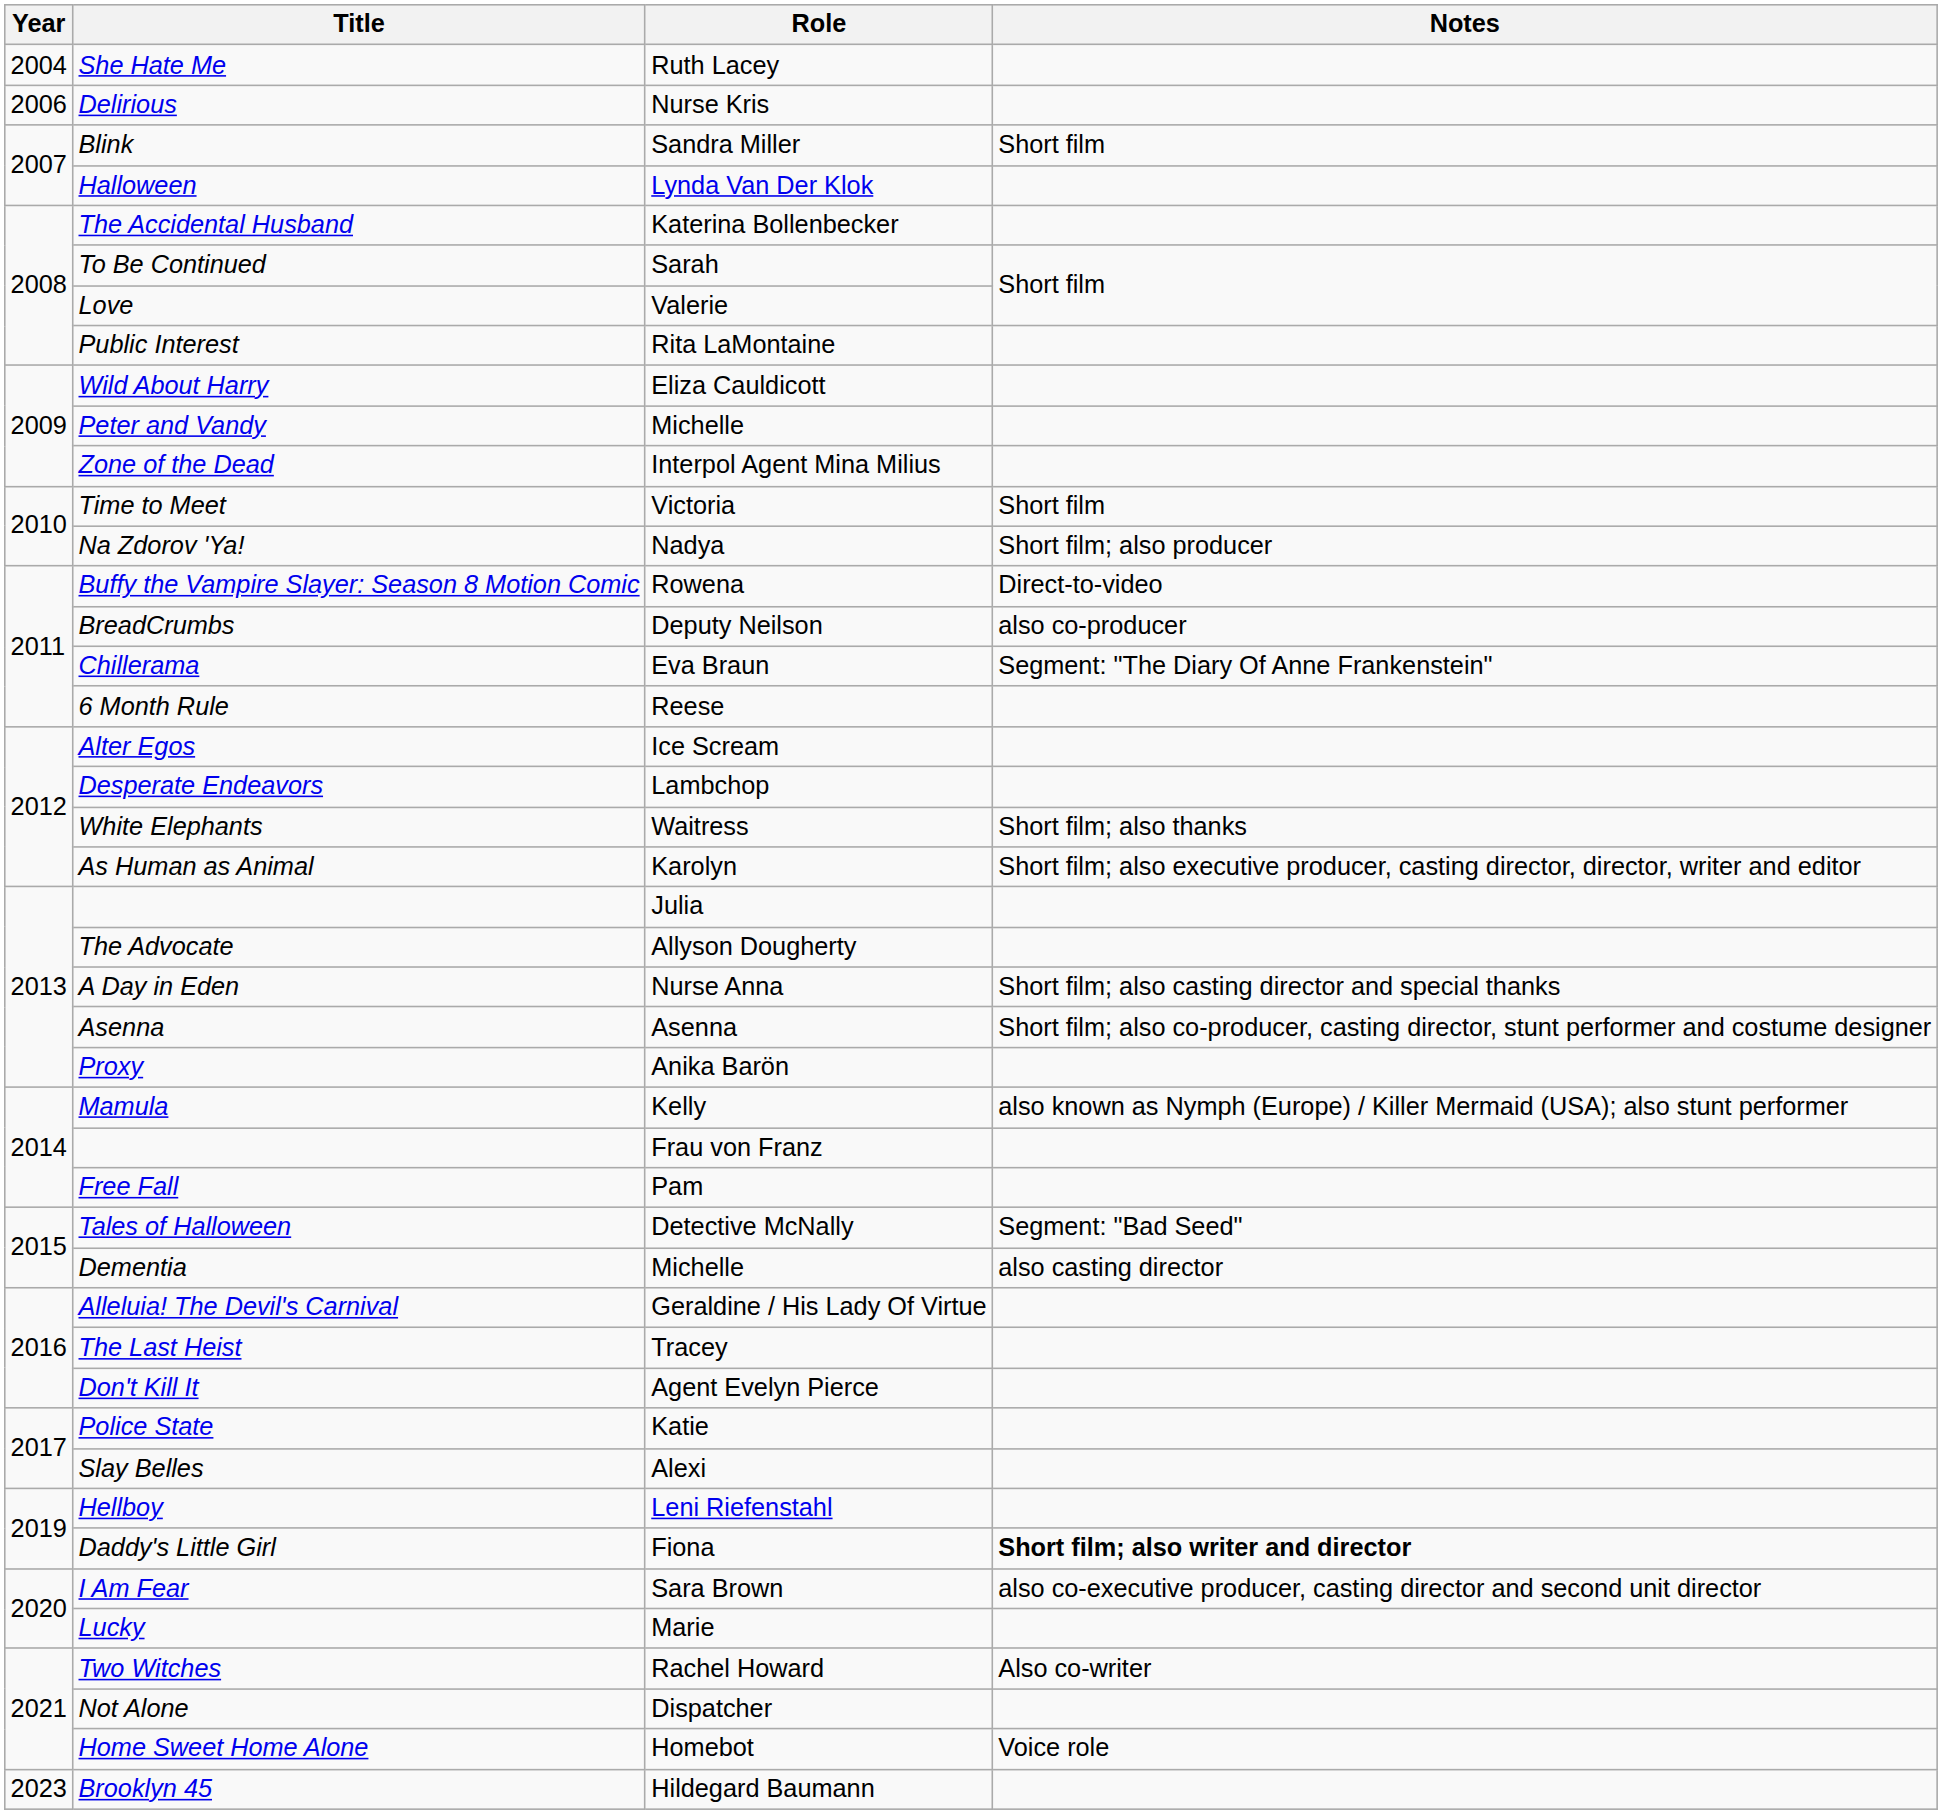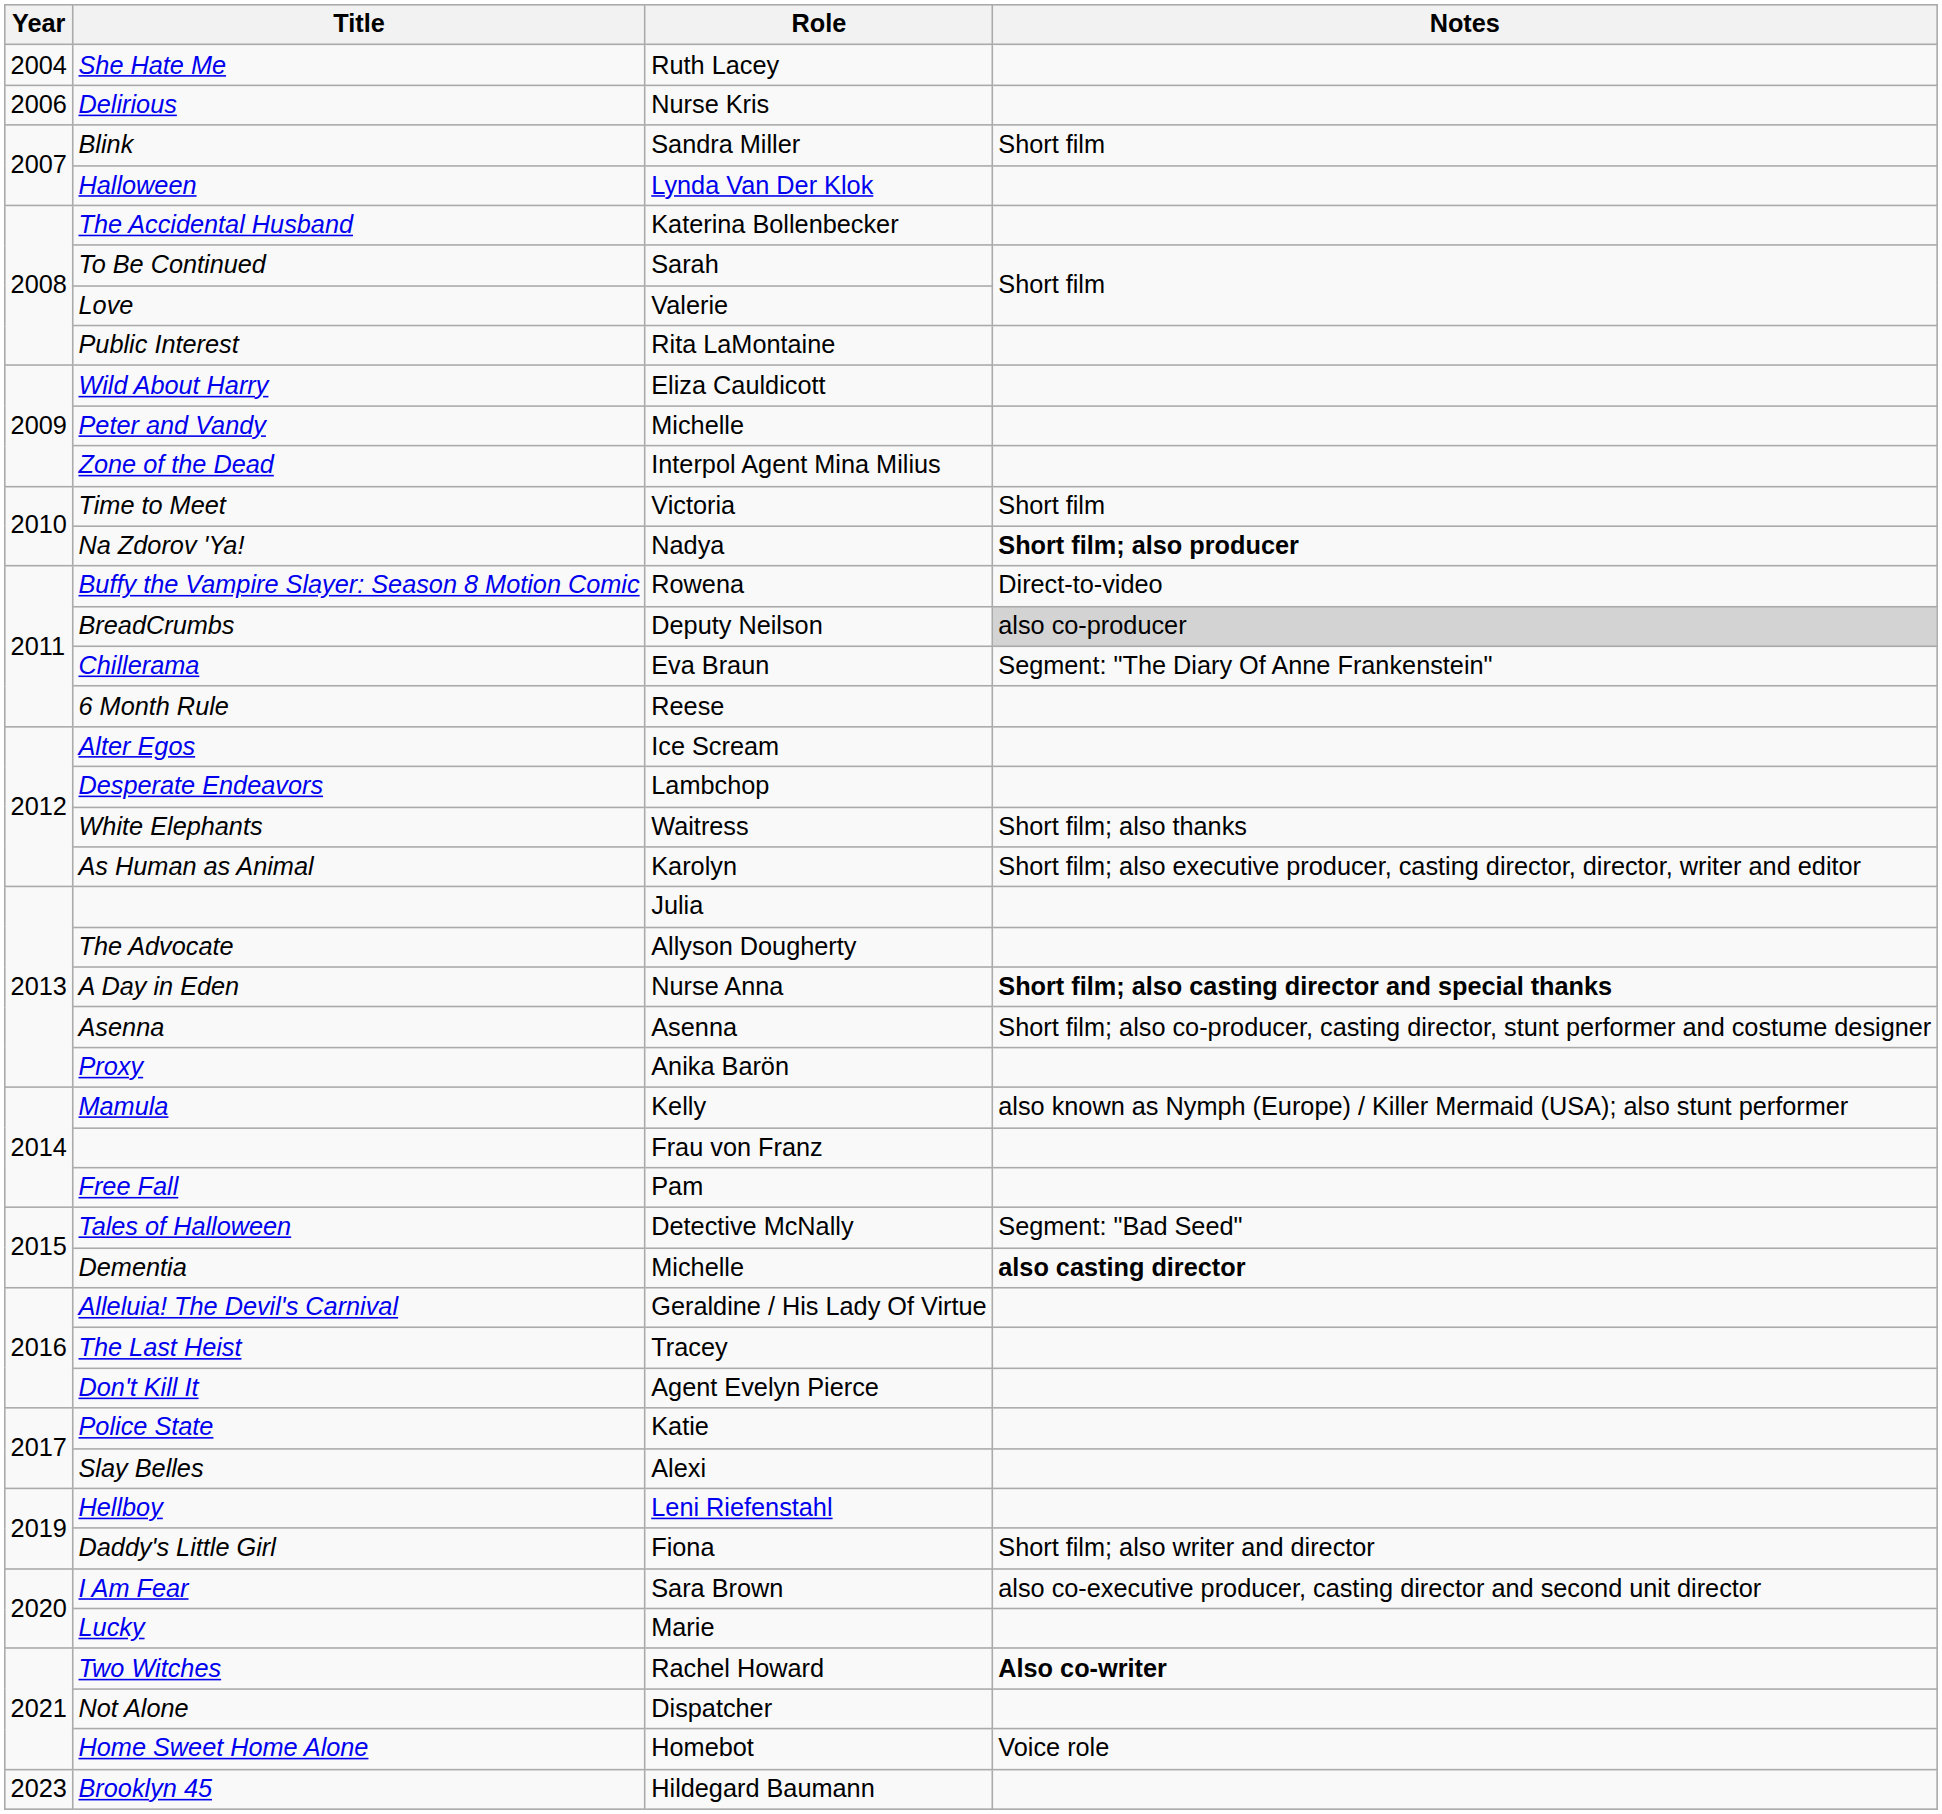 <table class="wikitable">
 <tr>
 <th>Year</th>
 <th>Title</th>
 <th>Role</th>
 <th>Notes</th>
 </tr>
 <tr>
 <td>2004</td>
 <td><em><a href='#'>She Hate Me</a></em></td>
 <td>Ruth Lacey</td>
 <td></td>
 </tr>
 <tr>
 <td>2006</td>
 <td><em><a href='#'>Delirious</a></em></td>
 <td>Nurse Kris</td>
 <td></td>
 </tr>
 <tr>
 <td rowspan="2">2007</td>
 <td><em>Blink</em></td>
 <td>Sandra Miller</td>
 <td>Short film</td>
 </tr>
 <tr>
 <td><em><a href='#'>Halloween</a></em></td>
 <td><a href='#'>Lynda Van Der Klok</a></td>
 <td></td>
 </tr>
 <tr>
 <td rowspan="4">2008</td>
 <td><em><a href='#'>The Accidental Husband</a></em></td>
 <td>Katerina Bollenbecker</td>
 <td></td>
 </tr>
 <tr>
 <td><em>To Be Continued</em></td>
 <td>Sarah</td>
 <td rowspan="2">Short film</td>
 </tr>
 <tr>
 <td><em>Love</em></td>
 <td>Valerie</td>
 </tr>
 <tr>
 <td><em>Public Interest</em></td>
 <td>Rita LaMontaine</td>
 <td></td>
 </tr>
 <tr>
 <td rowspan="3">2009</td>
 <td><em><a href='#'>Wild About Harry</a></em></td>
 <td>Eliza Cauldicott</td>
 <td></td>
 </tr>
 <tr>
 <td><em><a href='#'>Peter and Vandy</a></em></td>
 <td>Michelle</td>
 <td></td>
 </tr>
 <tr>
 <td><em><a href='#'>Zone of the Dead</a></em></td>
 <td>Interpol Agent Mina Milius</td>
 <td></td>
 </tr>
 <tr>
 <td rowspan="2">2010</td>
 <td><em>Time to Meet</em></td>
 <td>Victoria</td>
 <td>Short film</td>
 </tr>
 <tr>
 <td><em>Na Zdorov 'Ya!</em></td>
 <td>Nadya</td>
-<td>Short film; also producer</td>
+<td><strong>Short film; also producer</strong></td>
 </tr>
 <tr>
 <td rowspan="4">2011</td>
 <td><em><a href='#'>Buffy the Vampire Slayer: Season 8 Motion Comic</a></em></td>
 <td>Rowena</td>
 <td>Direct-to-video</td>
 </tr>
 <tr>
 <td><em>BreadCrumbs</em></td>
 <td>Deputy Neilson</td>
-<td>also co-producer</td>
+<td style="background: lightgrey;">also co-producer</td>
 </tr>
 <tr>
 <td><em><a href='#'>Chillerama</a></em></td>
 <td>Eva Braun</td>
 <td>Segment: "The Diary Of Anne Frankenstein"</td>
 </tr>
 <tr>
 <td><em>6 Month Rule</em></td>
 <td>Reese</td>
 <td></td>
 </tr>
 <tr>
 <td rowspan="4">2012</td>
 <td><em><a href='#'>Alter Egos</a></em></td>
 <td>Ice Scream</td>
 <td></td>
 </tr>
 <tr>
 <td><em><a href='#'>Desperate Endeavors</a></em></td>
 <td>Lambchop</td>
 <td></td>
 </tr>
 <tr>
 <td><em>White Elephants</em></td>
 <td>Waitress</td>
 <td>Short film; also thanks</td>
 </tr>
 <tr>
 <td><em>As Human as Animal</em></td>
 <td>Karolyn</td>
 <td>Short film; also executive producer, casting director, director, writer and editor</td>
 </tr>
 <tr>
 <td rowspan="5">2013</td>
 <td><em></em></td>
 <td>Julia</td>
 <td></td>
 </tr>
 <tr>
 <td><em>The Advocate</em></td>
 <td>Allyson Dougherty</td>
 <td></td>
 </tr>
 <tr>
 <td><em>A Day in Eden</em></td>
 <td>Nurse Anna</td>
-<td>Short film; also casting director and special thanks</td>
+<td><strong>Short film; also casting director and special thanks</strong></td>
 </tr>
 <tr>
 <td><em>Asenna</em></td>
 <td>Asenna</td>
 <td>Short film; also co-producer, casting director, stunt performer and costume designer</td>
 </tr>
 <tr>
 <td><em><a href='#'>Proxy</a></em></td>
 <td>Anika Barön</td>
 <td></td>
 </tr>
 <tr>
 <td rowspan="3">2014</td>
 <td><em><a href='#'>Mamula</a></em></td>
 <td>Kelly</td>
 <td>also known as Nymph (Europe) / Killer Mermaid (USA); also stunt performer</td>
 </tr>
 <tr>
 <td><em></em></td>
 <td>Frau von Franz</td>
 <td></td>
 </tr>
 <tr>
 <td><em><a href='#'>Free Fall</a></em></td>
 <td>Pam</td>
 <td></td>
 </tr>
 <tr>
 <td rowspan="2">2015</td>
 <td><em><a href='#'>Tales of Halloween</a></em></td>
 <td>Detective McNally</td>
 <td>Segment: "Bad Seed"</td>
 </tr>
 <tr>
 <td><em>Dementia</em></td>
 <td>Michelle</td>
-<td>also casting director</td>
+<td><strong>also casting director</strong></td>
 </tr>
 <tr>
 <td rowspan="3">2016</td>
 <td><em><a href='#'>Alleluia! The Devil's Carnival</a></em></td>
 <td>Geraldine / His Lady Of Virtue</td>
 <td></td>
 </tr>
 <tr>
 <td><em><a href='#'>The Last Heist</a></em></td>
 <td>Tracey</td>
 <td></td>
 </tr>
 <tr>
 <td><em><a href='#'>Don't Kill It</a></em></td>
 <td>Agent Evelyn Pierce</td>
 <td></td>
 </tr>
 <tr>
 <td rowspan="2">2017</td>
 <td><em><a href='#'>Police State</a></em></td>
 <td>Katie</td>
 <td></td>
 </tr>
 <tr>
 <td><em>Slay Belles</em></td>
 <td>Alexi</td>
 <td></td>
 </tr>
 <tr>
 <td rowspan="2">2019</td>
 <td><em><a href='#'>Hellboy</a></em></td>
 <td><a href='#'>Leni Riefenstahl</a></td>
 <td></td>
 </tr>
 <tr>
 <td><em>Daddy's Little Girl</em></td>
 <td>Fiona</td>
-<td><strong>Short film; also writer and director</strong></td>
+<td>Short film; also writer and director</td>
 </tr>
 <tr>
 <td rowspan="2">2020</td>
 <td><em><a href='#'>I Am Fear</a></em></td>
 <td>Sara Brown</td>
 <td>also co-executive producer, casting director and second unit director</td>
 </tr>
 <tr>
 <td><em><a href='#'>Lucky</a></em></td>
 <td>Marie</td>
 <td></td>
 </tr>
 <tr>
 <td rowspan="3">2021</td>
 <td><em><a href='#'>Two Witches</a></em></td>
 <td>Rachel Howard</td>
-<td>Also co-writer</td>
+<td><strong>Also co-writer</strong></td>
 </tr>
 <tr>
 <td><em>Not Alone</em></td>
 <td>Dispatcher</td>
 <td></td>
 </tr>
 <tr>
 <td><em><a href='#'>Home Sweet Home Alone</a></em></td>
 <td>Homebot</td>
 <td>Voice role</td>
 </tr>
 <tr>
 <td>2023</td>
 <td><em><a href='#'>Brooklyn 45</a></em></td>
 <td>Hildegard Baumann</td>
 <td></td>
 </tr>
 </table>
